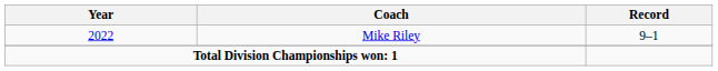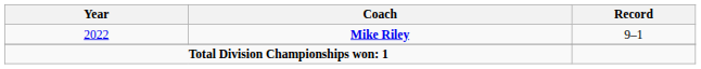 <table class="wikitable" style="width:70%;text-align:center">
 <tr>
 <th>Year</th>
 <th>Coach</th>
 <th>Record</th>
 </tr>
 <tr>
 <td><a href='#'>2022</a></td>
-<td><a href='#'>Mike Riley</a></td>
+<td><strong><a href='#'>Mike Riley</a></strong></td>
 <td>9–1</td>
 </tr>
 <tr>
 </tr>
 <tr>
 <td colspan="2"><strong>Total Division Championships won: 1</strong></td>
 <td colspan="1"></td>
 </tr>
 </table>
